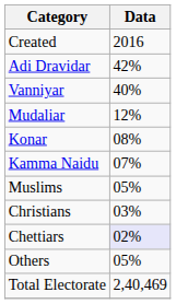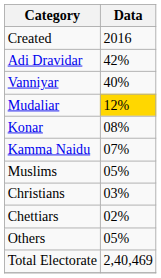 <table class="wikitable" "width:300px">
 <tr>
 <th>Category</th>
 <th>Data</th>
 </tr>
 <tr>
 <td>Created</td>
 <td>2016</td>
 </tr>
 <tr>
 <td><a href='#'>Adi Dravidar</a></td>
 <td>42%</td>
 </tr>
 <tr>
 <td><a href='#'>Vanniyar</a></td>
 <td>40%</td>
 </tr>
 <tr>
 <td><a href='#'>Mudaliar</a></td>
-<td>12%</td>
+<td style="background: gold;">12%</td>
 </tr>
 <tr>
 <td><a href='#'>Konar</a></td>
 <td>08%</td>
 </tr>
 <tr>
 <td><a href='#'>Kamma Naidu</a></td>
 <td>07%</td>
 </tr>
 <tr>
 <td>Muslims</td>
 <td>05%</td>
 </tr>
 <tr>
 <td>Christians</td>
 <td>03%</td>
 </tr>
 <tr>
 <td>Chettiars</td>
-<td style="background: lavender;">02%</td>
+<td>02%</td>
 </tr>
 <tr>
 <td>Others</td>
 <td>05%</td>
 </tr>
 <tr>
 <td>Total Electorate</td>
 <td>2,40,469</td>
 </tr>
 <tr>
 </tr>
 </table>
